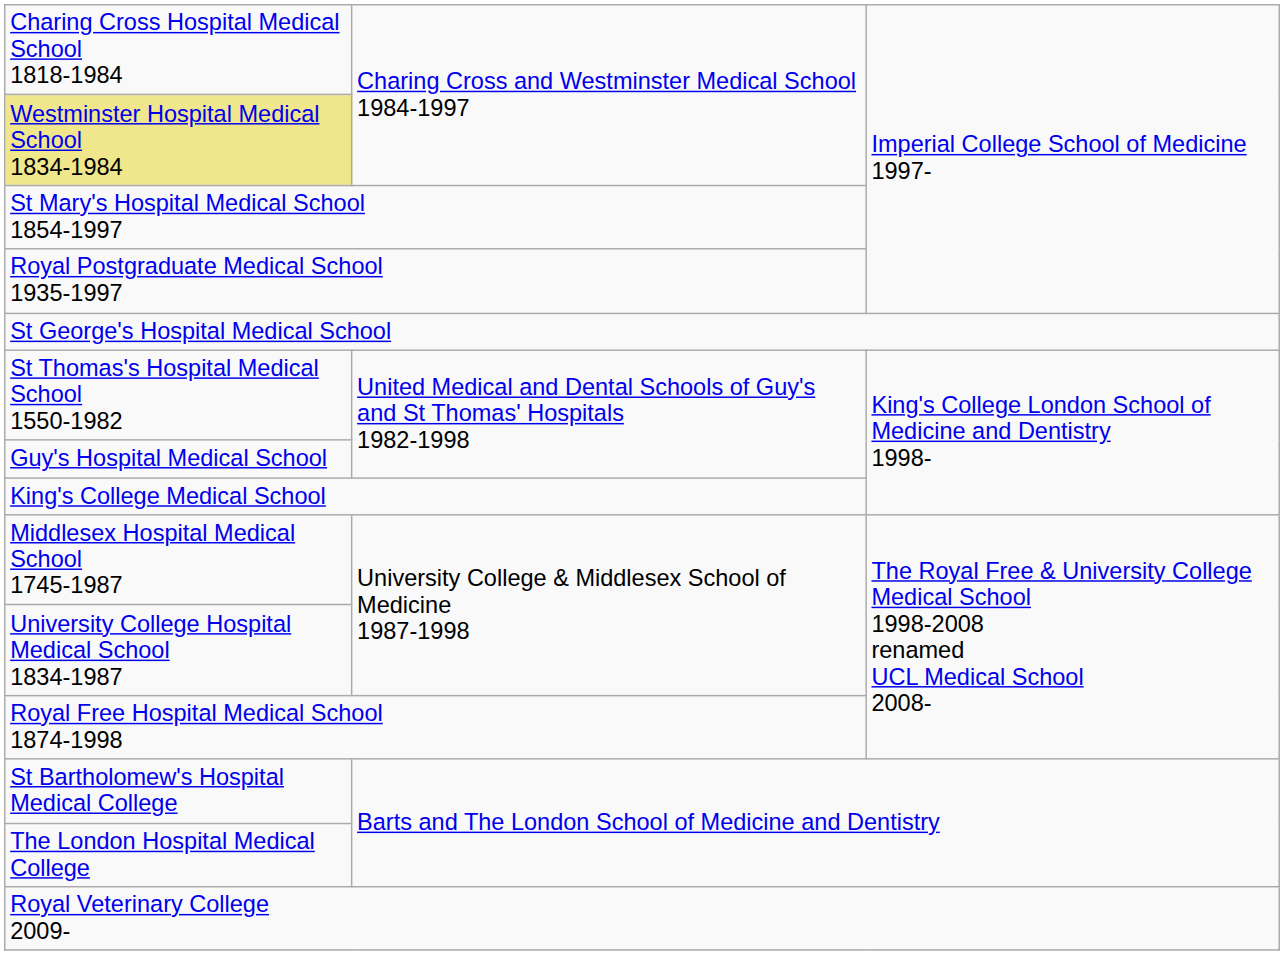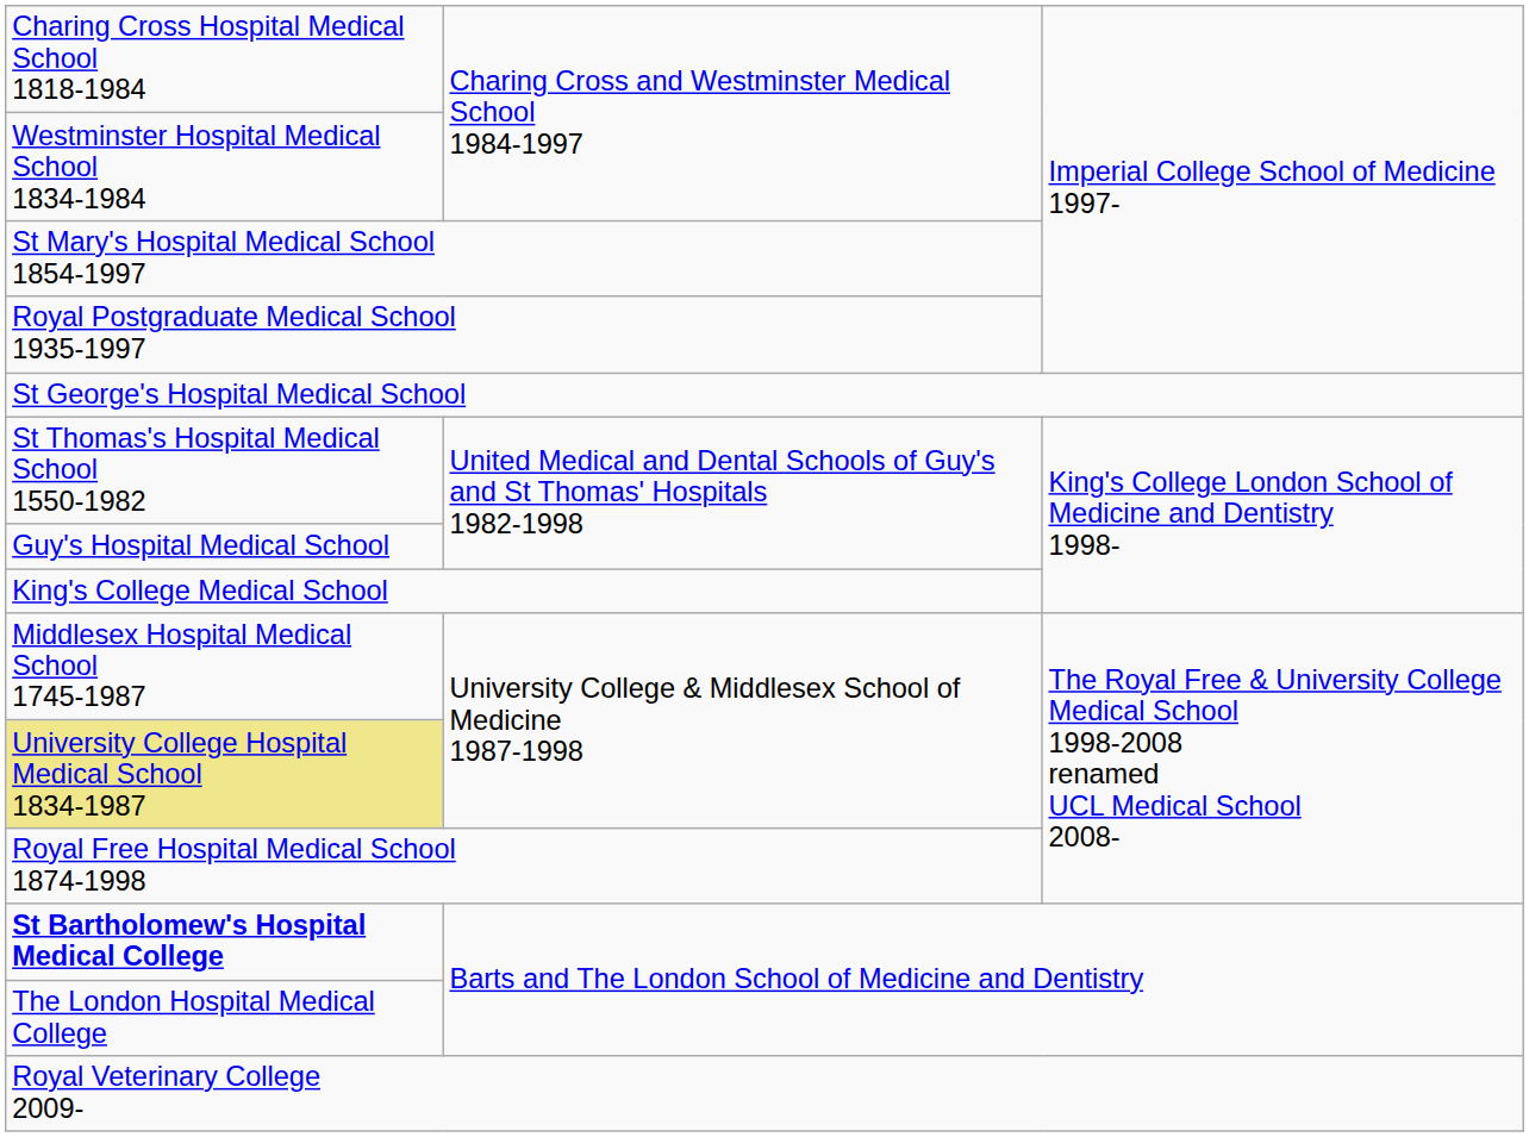 <table class="wikitable">
 <tr>
 <td><a href='#'>Charing Cross Hospital Medical School</a><br>1818-1984</td>
 <td rowspan="2"><a href='#'>Charing Cross and Westminster Medical School</a><br>1984-1997</td>
 <td rowspan="4"><a href='#'>Imperial College School of Medicine</a><br>1997-</td>
 </tr>
 <tr>
-<td style="background: khaki;"><a href='#'>Westminster Hospital Medical School</a><br>1834-1984</td>
+<td><a href='#'>Westminster Hospital Medical School</a><br>1834-1984</td>
 </tr>
 <tr>
 <td colspan="2"><a href='#'>St Mary's Hospital Medical School</a><br>1854-1997</td>
 </tr>
 <tr>
 <td colspan="2"><a href='#'>Royal Postgraduate Medical School</a><br>1935-1997</td>
 </tr>
 <tr>
 <td colspan="3"><a href='#'>St George's Hospital Medical School</a></td>
 </tr>
 <tr>
 <td><a href='#'>St Thomas's Hospital Medical School</a><br>1550-1982</td>
 <td rowspan="2"><a href='#'>United Medical and Dental Schools of Guy's and St Thomas' Hospitals</a><br>1982-1998</td>
 <td rowspan="3"><a href='#'>King's College London School of Medicine and Dentistry</a><br>1998-</td>
 </tr>
 <tr>
 <td><a href='#'>Guy's Hospital Medical School</a></td>
 </tr>
 <tr>
 <td colspan="2"><a href='#'>King's College Medical School</a></td>
 </tr>
 <tr>
 <td><a href='#'>Middlesex Hospital Medical School</a><br>1745-1987</td>
 <td rowspan="2">University College & Middlesex School of Medicine<br>1987-1998</td>
 <td rowspan="3"><a href='#'>The Royal Free & University College Medical School</a><br>1998-2008<br>renamed<br><a href='#'>UCL Medical School</a><br>2008-</td>
 </tr>
 <tr>
-<td><a href='#'>University College Hospital Medical School</a><br> 1834-1987</td>
+<td style="background: khaki;"><a href='#'>University College Hospital Medical School</a><br> 1834-1987</td>
 </tr>
 <tr>
 <td colspan="2"><a href='#'>Royal Free Hospital Medical School</a><br>1874-1998</td>
 </tr>
 <tr>
-<td><a href='#'>St Bartholomew's Hospital Medical College</a></td>
+<td><strong><a href='#'>St Bartholomew's Hospital Medical College</a></strong></td>
 <td colspan="2" rowspan="2"><a href='#'>Barts and The London School of Medicine and Dentistry</a></td>
 </tr>
 <tr>
 <td><a href='#'>The London Hospital Medical College</a></td>
 </tr>
 <tr>
 <td colspan="3"><a href='#'>Royal Veterinary College</a><br> 2009-</td>
 </tr>
 </table>
